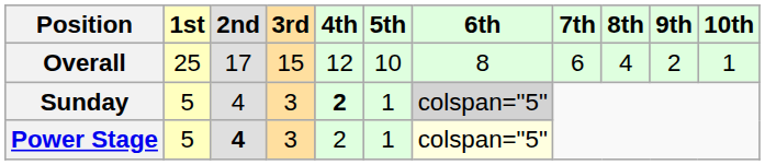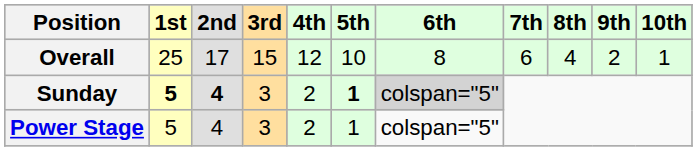 <table class="wikitable" style="font-size: 85%;">
 <tr>
 <th>Position</th>
 <td style="background:#ffffbf" align="center"><strong>1st</strong></td>
 <td style="background:#dfdfdf" align="center"><strong>2nd</strong></td>
 <td style="background:#ffdf9f" align="center"><strong>3rd</strong></td>
 <td style="background:#dfffdf" align="center"><strong>4th</strong></td>
 <td style="background:#dfffdf" align="center"><strong>5th</strong></td>
 <td style="background:#dfffdf" align="center"><strong>6th</strong></td>
 <td style="background:#dfffdf" align="center"><strong>7th</strong></td>
 <td style="background:#dfffdf" align="center"><strong>8th</strong></td>
 <td style="background:#dfffdf" align="center"><strong>9th</strong></td>
 <td style="background:#dfffdf" align="center"><strong>10th</strong></td>
 </tr>
 <tr>
 <th>Overall</th>
 <td style="background:#ffffbf" align="center">25</td>
 <td style="background:#dfdfdf" align="center">17</td>
 <td style="background:#ffdf9f" align="center">15</td>
 <td style="background:#dfffdf" align="center">12</td>
 <td style="background:#dfffdf" align="center">10</td>
 <td style="background:#dfffdf" align="center">8</td>
 <td style="background:#dfffdf" align="center">6</td>
 <td style="background:#dfffdf" align="center">4</td>
 <td style="background:#dfffdf" align="center">2</td>
 <td style="background:#dfffdf" align="center">1</td>
 </tr>
 <tr>
 <th>Sunday</th>
-<td style="background:#ffffbf" align="center">5</td>
-<td style="background:#dfdfdf" align="center">4</td>
+<td style="background:#ffffbf" align="center"><strong>5</strong></td>
+<td style="background:#dfdfdf" align="center"><strong>4</strong></td>
 <td style="background:#ffdf9f" align="center">3</td>
-<td style="background:#dfffdf" align="center"><strong>2</strong></td>
-<td style="background:#dfffdf" align="center">1</td>
+<td style="background:#dfffdf" align="center">2</td>
+<td style="background:#dfffdf" align="center"><strong>1</strong></td>
 <td style="background: lightgrey;">colspan="5" </td>
 </tr>
 <tr>
 <th><a href='#'>Power Stage</a></th>
 <td style="background:#ffffbf" align="center">5</td>
-<td style="background:#dfdfdf" align="center"><strong>4</strong></td>
+<td style="background:#dfdfdf" align="center">4</td>
 <td style="background:#ffdf9f" align="center">3</td>
 <td style="background:#dfffdf" align="center">2</td>
 <td style="background:#dfffdf" align="center">1</td>
-<td style="background: lightyellow;">colspan="5" </td>
+<td>colspan="5" </td>
 </tr>
 </table>
